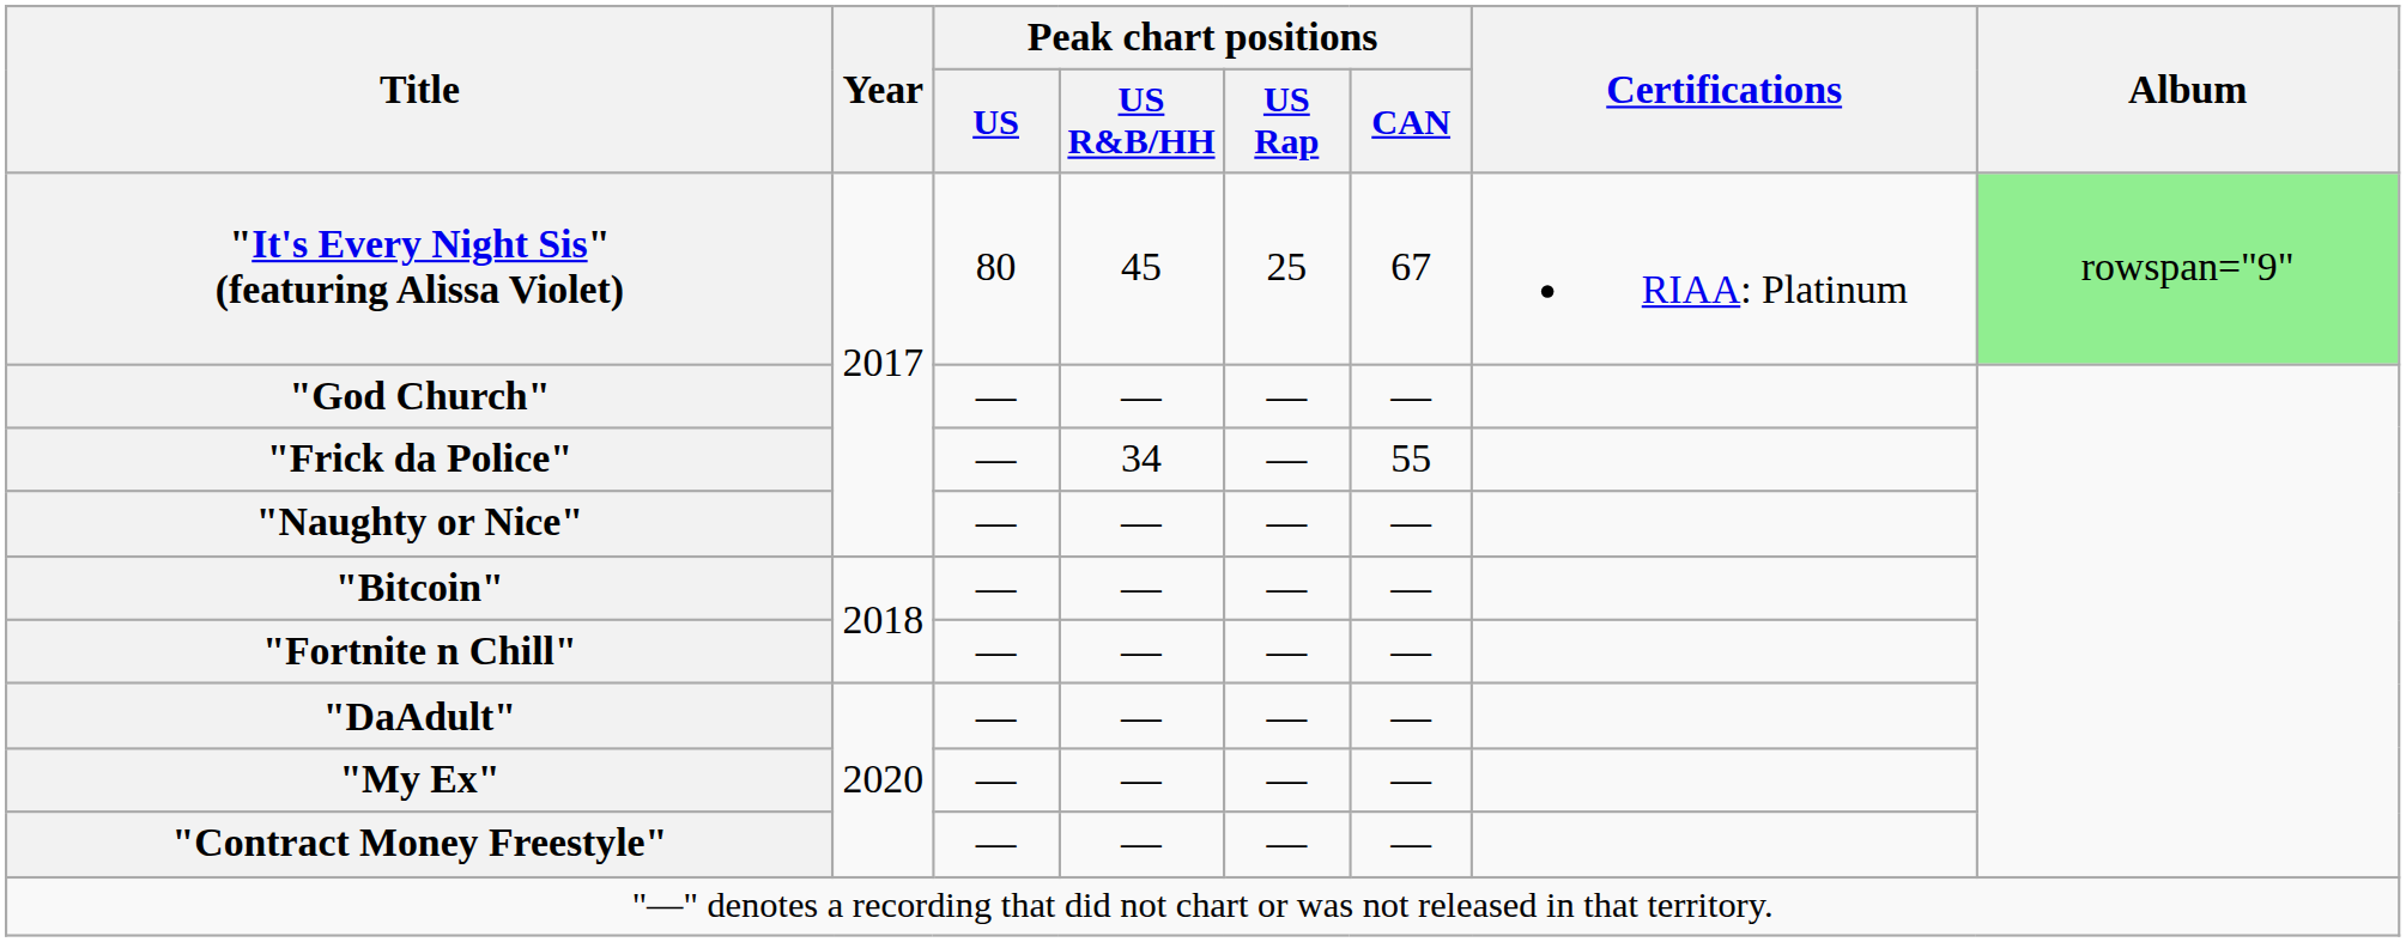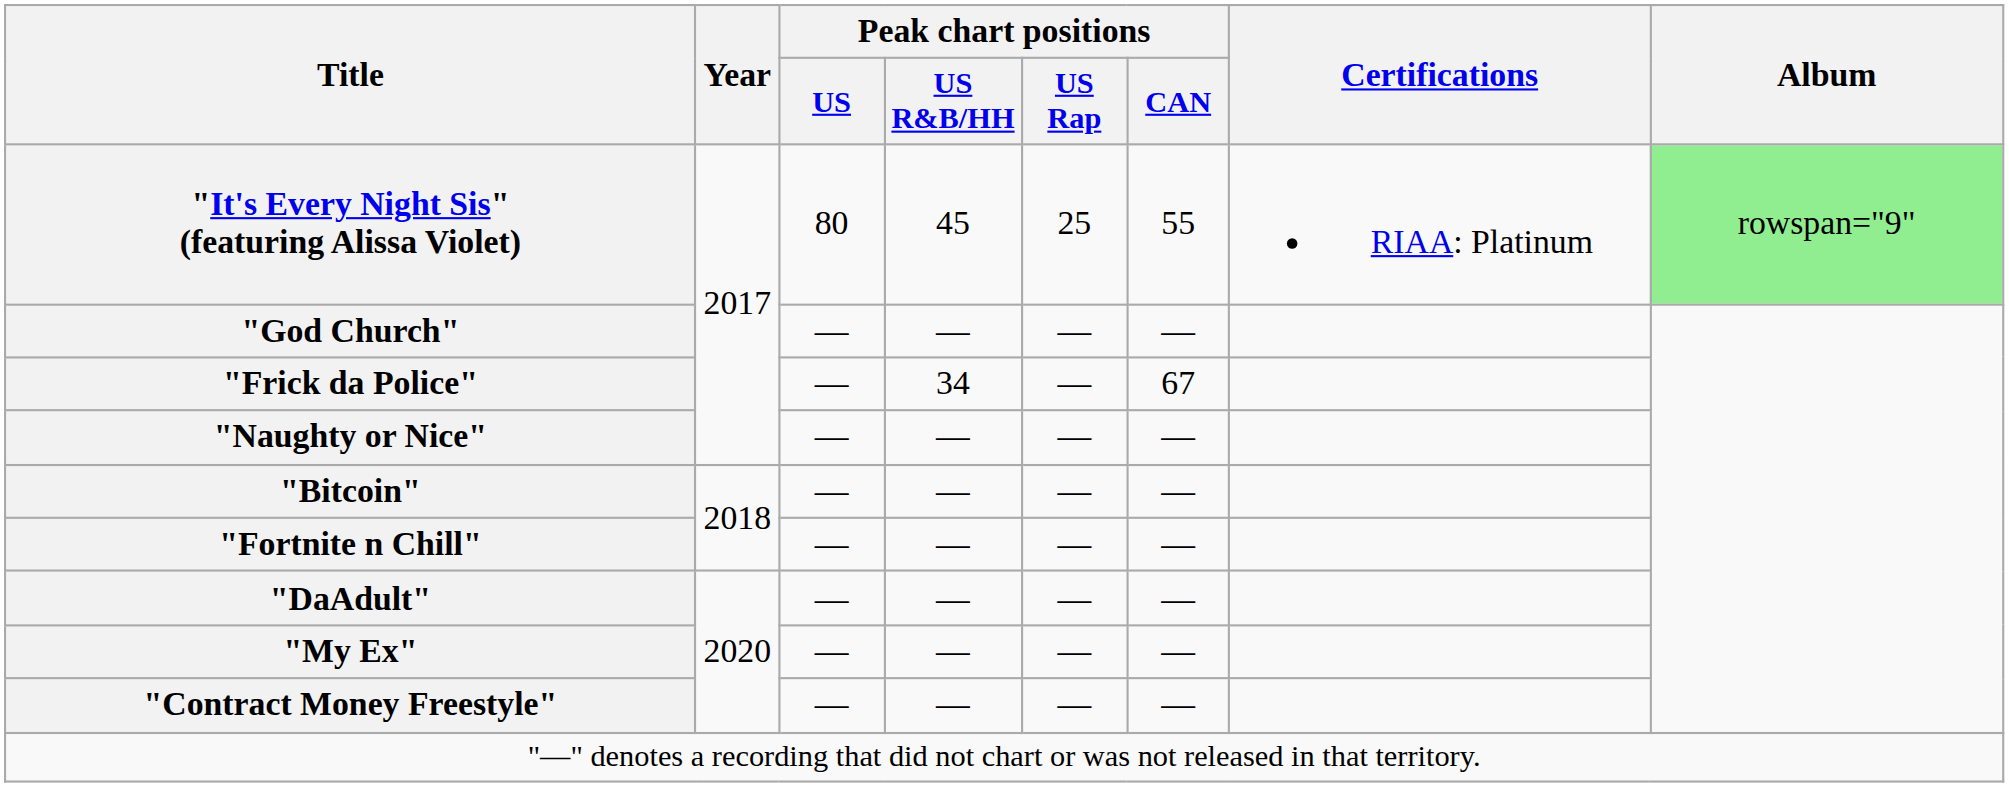 <table class="wikitable plainrowheaders" style="text-align:center;">
 <tr>
 <th scope="col" rowspan="2" style="width:20em;">Title</th>
 <th scope="col" rowspan="2" style="width:1em;">Year</th>
 <th scope="col" colspan="4" style="width:1em;">Peak chart positions</th>
 <th scope="col" rowspan="2" style="width:12em;"><a href='#'>Certifications</a></th>
 <th scope="col" rowspan="2" style="width:10em;">Album</th>
 </tr>
 <tr>
 <th scope="col" style="width:3em;font-size:90%;"><a href='#'>US</a><br></th>
 <th scope="col" style="width:3em;font-size:90%;"><a href='#'>US R&B/HH</a><br></th>
 <th scope="col" style="width:3em;font-size:90%;"><a href='#'>US Rap</a><br></th>
 <th scope="col" style="width:2.9em;font-size:90%;"><a href='#'>CAN</a><br></th>
 </tr>
 <tr>
 <th scope="row">"<a href='#'>It's Every Night Sis</a>"<br><span>(featuring Alissa Violet)</span></th>
 <td rowspan="4">2017</td>
 <td>80</td>
 <td>45</td>
 <td>25</td>
-<td>67</td>
+<td>55</td>
 <td><br><ul><li><a href='#'>RIAA</a>: Platinum</li></ul></td>
 <td style="background: lightgreen;">rowspan="9" </td>
 </tr>
 <tr>
 <th scope="row">"God Church"</th>
 <td>—</td>
 <td>—</td>
 <td>—</td>
 <td>—</td>
 <td></td>
 </tr>
 <tr>
 <th scope="row">"Frick da Police"</th>
 <td>—</td>
 <td>34</td>
 <td>—</td>
-<td>55</td>
+<td>67</td>
 <td></td>
 </tr>
 <tr>
 <th scope="row">"Naughty or Nice"</th>
 <td>—</td>
 <td>—</td>
 <td>—</td>
 <td>—</td>
 <td></td>
 </tr>
 <tr>
 <th scope="row">"Bitcoin"</th>
 <td rowspan="2">2018</td>
 <td>—</td>
 <td>—</td>
 <td>—</td>
 <td>—</td>
 <td></td>
 </tr>
 <tr>
 <th scope="row">"Fortnite n Chill"</th>
 <td>—</td>
 <td>—</td>
 <td>—</td>
 <td>—</td>
 <td></td>
 </tr>
 <tr>
 <th scope="row">"DaAdult"</th>
 <td rowspan="3">2020</td>
 <td>—</td>
 <td>—</td>
 <td>—</td>
 <td>—</td>
 <td></td>
 </tr>
 <tr>
 <th scope="row">"My Ex"</th>
 <td>—</td>
 <td>—</td>
 <td>—</td>
 <td>—</td>
 <td></td>
 </tr>
 <tr>
 <th scope="row">"Contract Money Freestyle"</th>
 <td>—</td>
 <td>—</td>
 <td>—</td>
 <td>—</td>
 <td></td>
 </tr>
 <tr>
 <td colspan="10" style="font-size:90%">"—" denotes a recording that did not chart or was not released in that territory.</td>
 </tr>
 </table>
